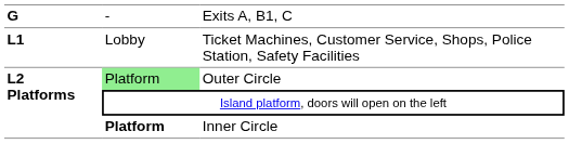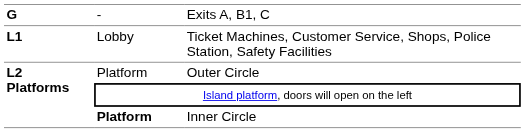 <table table border=0 cellspacing=0 cellpadding=3>
 <tr>
 <td style="border-top:solid 1px gray;" width=50 valign=top><strong>G</strong></td>
 <td style="border-top:solid 1px gray;" width=100 valign=top>-</td>
 <td style="border-top:solid 1px gray;" width=390 valign=top>Exits A, B1, C</td>
 </tr>
 <tr>
 <td style="border-bottom:solid 1px gray; border-top:solid 1px gray;" valign=top width=100><strong>L1</strong></td>
 <td style="border-bottom:solid 1px gray; border-top:solid 1px gray;" valign=top width=100>Lobby</td>
 <td style="border-bottom:solid 1px gray; border-top:solid 1px gray;" valign=top width=390>Ticket Machines, Customer Service, Shops, Police Station, Safety Facilities</td>
 </tr>
 <tr>
 <td style="border-bottom:solid 1px gray;" rowspan=3 valign=top><strong>L2<br>Platforms</strong></td>
-<td style="background: lightgreen;">Platform </td>
+<td>Platform </td>
 <td>  Outer Circle </td>
 </tr>
 <tr>
 <td style="border-right:solid 2px black;border-left:solid 2px black;border-top:solid 2px black;border-bottom:solid 2px black;text-align:center;" colspan=2><small><a href='#'>Island platform</a>, doors will open on the left</small></td>
 </tr>
 <tr>
 <td style="border-bottom:solid 1px gray;"><strong>Platform </strong></td>
 <td style="border-bottom:solid 1px gray;"> Inner Circle  </td>
 </tr>
 <tr>
 </tr>
 </table>
